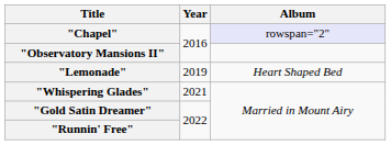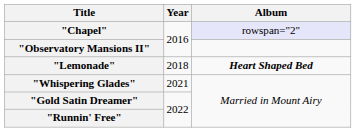 <table class="wikitable plainrowheaders" style="text-align:center;">
 <tr>
 <th scope="col" style="width:14em;">Title</th>
 <th scope="col" style="width:1em;">Year</th>
 <th scope="col" style="width:14em;">Album</th>
 </tr>
 <tr>
 <th scope="row">"Chapel"</th>
 <td rowspan="2">2016</td>
 <td style="background: lavender;">rowspan="2" </td>
 </tr>
 <tr>
 <th scope="row">"Observatory Mansions II"</th>
 </tr>
 <tr>
 <th scope="row">"Lemonade"</th>
-<td>2019</td>
-<td><em>Heart Shaped Bed</em></td>
+<td>2018</td>
+<td><strong><em>Heart Shaped Bed</em></strong></td>
 </tr>
 <tr>
 <th scope="row">"Whispering Glades"</th>
 <td>2021</td>
 <td rowspan="3"><em>Married in Mount Airy</em></td>
 </tr>
 <tr>
 <th scope="row">"Gold Satin Dreamer"</th>
 <td rowspan="2">2022</td>
 </tr>
 <tr>
 <th scope="row">"Runnin' Free"</th>
 </tr>
 </table>
